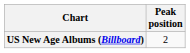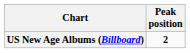 <table class="wikitable plainrowheaders sortable" style="text-align:center;" border="1">
 <tr>
 <th scope="col">Chart</th>
 <th scope="col">Peak<br>position</th>
 </tr>
 <tr>
 <th scope="row">US New Age Albums (<em><a href='#'>Billboard</a></em>)</th>
-<td>2</td>
+<td><strong>2</strong></td>
 </tr>
 </table>
